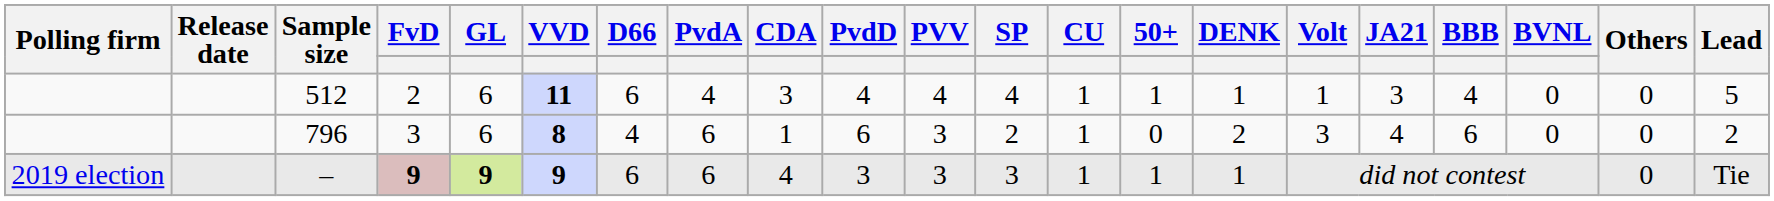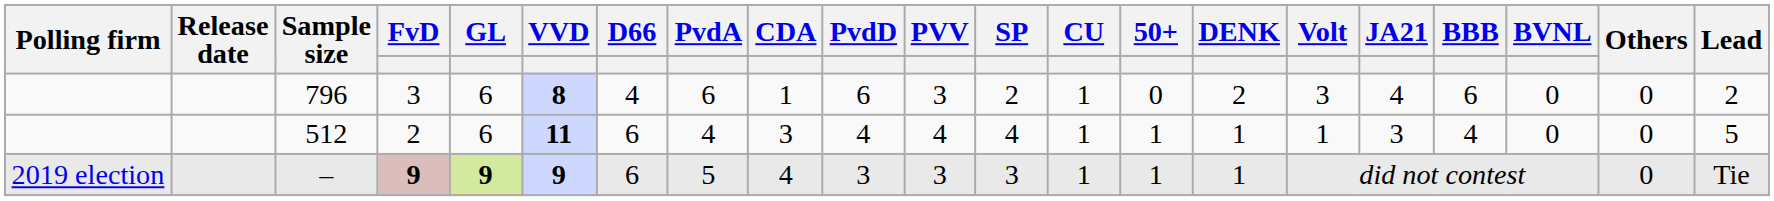 <table class="wikitable sortable tpl-blanktable" style="text-align:center;font-size:90%;line-height:14px;">
 <tr>
 <th rowspan="2">Polling firm</th>
 <th rowspan="2">Release<br>date</th>
 <th rowspan="2">Sample<br>size</th>
 <th class="unsortable" style="width:30px;"><a href='#'>FvD</a></th>
 <th class="unsortable" style="width:30px;"><a href='#'>GL</a></th>
 <th class="unsortable" style="width:30px;"><a href='#'>VVD</a></th>
 <th class="unsortable" style="width:30px;"><a href='#'>D66</a></th>
 <th class="unsortable" style="width:30px;"><a href='#'>PvdA</a></th>
 <th class="unsortable" style="width:30px;"><a href='#'>CDA</a></th>
 <th class="unsortable" style="width:30px;"><a href='#'>PvdD</a></th>
 <th class="unsortable" style="width:30px;"><a href='#'>PVV</a></th>
 <th class="unsortable" style="width:30px;"><a href='#'>SP</a></th>
 <th class="unsortable" style="width:30px;"><a href='#'>CU</a></th>
 <th class="unsortable" style="width:30px;"><a href='#'>50+</a></th>
 <th class="unsortable" style="width:30px;"><a href='#'>DENK</a></th>
 <th class="unsortable" style="width:30px;"><a href='#'>Volt</a></th>
 <th class="unsortable" style="width:30px;"><a href='#'>JA21</a></th>
 <th class="unsortable" style="width:30px;"><a href='#'>BBB</a></th>
 <th class="unsortable" style="width:30px;"><a href='#'>BVNL</a></th>
 <th class="unsortable" style="width:30px;" rowspan="2">Others</th>
 <th rowspan="2">Lead</th>
 </tr>
 <tr>
 <th data-sort-type="number" style="background:"></th>
 <th data-sort-type="number" style="background:"></th>
 <th data-sort-type="number" style="background:"></th>
 <th data-sort-type="number" style="background:"></th>
 <th data-sort-type="number" style="background:"></th>
 <th data-sort-type="number" style="background:"></th>
 <th data-sort-type="number" style="background:"></th>
 <th data-sort-type="number" style="background:"></th>
 <th data-sort-type="number" style="background:"></th>
 <th data-sort-type="number" style="background:"></th>
 <th data-sort-type="number" style="background:"></th>
 <th data-sort-type="number" style="background:"></th>
 <th data-sort-type="number" style="background:"></th>
 <th data-sort-type="number" style="background:"></th>
 <th data-sort-type="number" style="background:"></th>
 <th data-sort-type="number" style="background:"></th>
 </tr>
 <tr>
 <td></td>
 <td></td>
+<td>796</td>
+<td>3</td>
+<td>6</td>
+<td style="background:#CED7FD;"><strong>8</strong></td>
+<td>4</td>
+<td>6</td>
+<td>1</td>
+<td>6</td>
+<td>3</td>
+<td>2</td>
+<td>1</td>
+<td>0</td>
+<td>2</td>
+<td>3</td>
+<td>4</td>
+<td>6</td>
+<td>0</td>
+<td>0</td>
+<td style="background:">2</td>
+</tr>
+<tr>
+<td></td>
+<td></td>
 <td>512</td>
 <td>2</td>
 <td>6</td>
 <td style="background:#CED7FD;"><strong>11</strong></td>
 <td>6</td>
 <td>4</td>
 <td>3</td>
 <td>4</td>
 <td>4</td>
 <td>4</td>
 <td>1</td>
 <td>1</td>
 <td>1</td>
 <td>1</td>
 <td>3</td>
 <td>4</td>
 <td>0</td>
 <td>0</td>
 <td style="background:">5</td>
 </tr>
-<tr>
-<td></td>
-<td></td>
-<td>796</td>
-<td>3</td>
-<td>6</td>
-<td style="background:#CED7FD;"><strong>8</strong></td>
-<td>4</td>
-<td>6</td>
-<td>1</td>
-<td>6</td>
-<td>3</td>
-<td>2</td>
-<td>1</td>
-<td>0</td>
-<td>2</td>
-<td>3</td>
-<td>4</td>
-<td>6</td>
-<td>0</td>
-<td>0</td>
-<td style="background:">2</td>
-</tr>
 <tr style="background:#E9E9E9;">
 <td><a href='#'>2019 election</a></td>
 <td></td>
 <td>–</td>
 <td style="background:#DBBDBD;"><strong>9</strong></td>
 <td style="background:#d3ea9e;"><strong>9</strong></td>
 <td style="background:#CED7FD;"><strong>9</strong></td>
 <td>6</td>
-<td>6</td>
+<td>5</td>
 <td>4</td>
 <td>3</td>
 <td>3</td>
 <td>3</td>
 <td>1</td>
 <td>1</td>
 <td>1</td>
 <td colspan=4><em>did not contest</em></td>
 <td>0</td>
 <td>Tie</td>
 </tr>
 </table>
